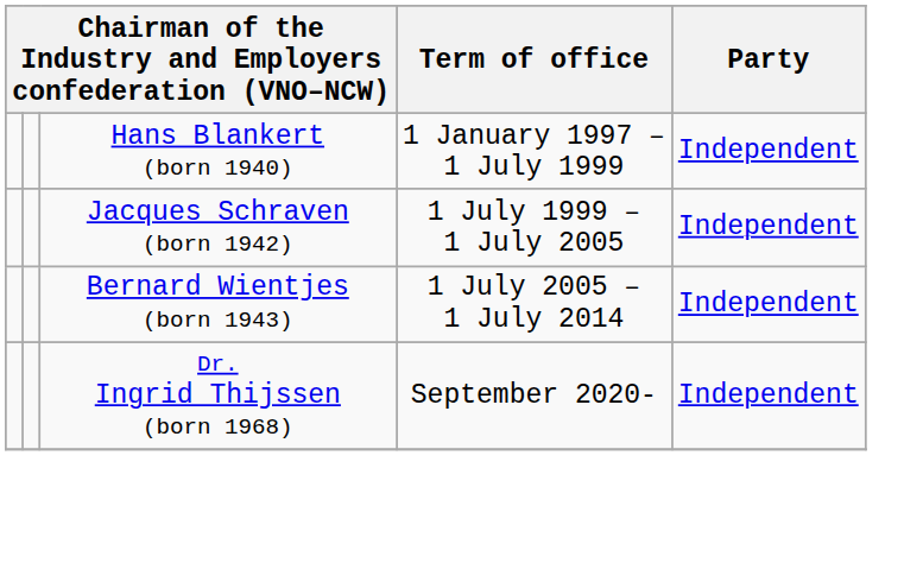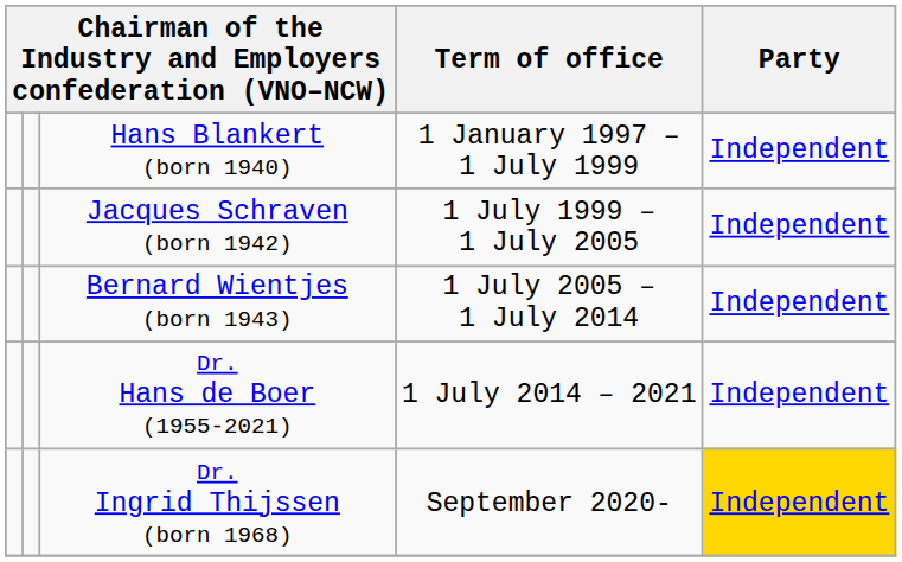 <table class="wikitable" style="text-align:center">
 <tr>
 <th colspan=3>Chairman of the <br> Industry and Employers <br> confederation (VNO–NCW)</th>
 <th>Term of office</th>
 <th>Party</th>
 </tr>
 <tr>
 <td style="background:"></td>
 <td></td>
 <td><a href='#'>Hans Blankert</a> <br> <small>(born 1940)</small></td>
 <td>1 January 1997 – <br> 1 July 1999</td>
 <td><a href='#'>Independent</a></td>
 </tr>
 <tr>
 <td style="background:"></td>
 <td></td>
 <td><a href='#'>Jacques Schraven</a> <br> <small>(born 1942)</small></td>
 <td>1 July 1999 – <br> 1 July 2005</td>
 <td><a href='#'>Independent</a></td>
 </tr>
 <tr>
 <td style="background:"></td>
 <td></td>
 <td><a href='#'>Bernard Wientjes</a> <br> <small>(born 1943)</small></td>
 <td>1 July 2005 – <br> 1 July 2014</td>
 <td><a href='#'>Independent</a></td>
 </tr>
 <tr>
 <td style="background:"></td>
 <td></td>
+<td><small><a href='#'>Dr.</a></small> <br> <a href='#'>Hans de Boer</a> <br> <small>(1955-2021)</small></td>
+<td>1 July 2014 – 2021</td>
+<td><a href='#'>Independent</a></td>
+</tr>
+<tr>
+<td style="background:"></td>
+<td></td>
 <td><small><a href='#'>Dr.</a></small> <br> <a href='#'>Ingrid Thijssen</a> <br> <small>(born 1968)</small></td>
 <td>September 2020-</td>
-<td><a href='#'>Independent</a></td>
+<td style="background: gold;"><a href='#'>Independent</a></td>
 </tr>
 <tr>
 </tr>
 </table>
